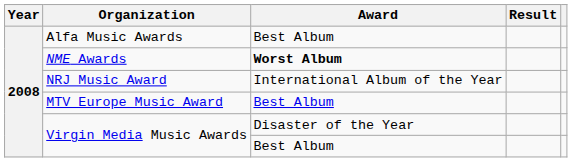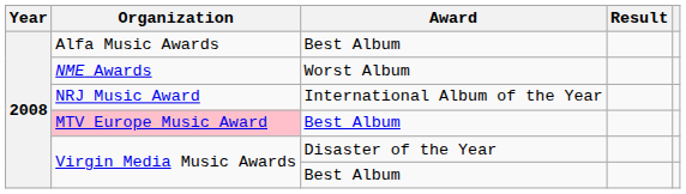 <table class="wikitable sortable plainrowheaders" style="border:none; margin:0;">
 <tr>
 <th scope="col">Year</th>
 <th scope="col">Organization</th>
 <th scope="col">Award</th>
 <th scope="col">Result</th>
 <th scope="col" class="unsortable"></th>
 </tr>
 <tr>
 <th scope="row" rowspan="6">2008</th>
 <td>Alfa Music Awards</td>
 <td>Best Album</td>
 <td></td>
 <td align="center"></td>
 </tr>
 <tr>
 <td><a href='#'><em>NME</em> Awards</a></td>
-<td><strong>Worst Album</strong></td>
+<td>Worst Album</td>
 <td></td>
 <td style="text-align:center;"></td>
 </tr>
 <tr>
 <td><a href='#'>NRJ Music Award</a></td>
 <td>International Album of the Year</td>
 <td></td>
 <td align="center"></td>
 </tr>
 <tr>
-<td><a href='#'>MTV Europe Music Award</a></td>
+<td style="background: pink;"><a href='#'>MTV Europe Music Award</a></td>
 <td><a href='#'>Best Album</a></td>
 <td></td>
 <td align="center"></td>
 </tr>
 <tr>
 <td rowspan="2"><a href='#'>Virgin Media</a> Music Awards</td>
 <td>Disaster of the Year</td>
 <td></td>
 <td style="text-align:center;"></td>
 </tr>
 <tr>
 <td>Best Album</td>
 <td></td>
 <td style="text-align:center;"></td>
 </tr>
 </table>
